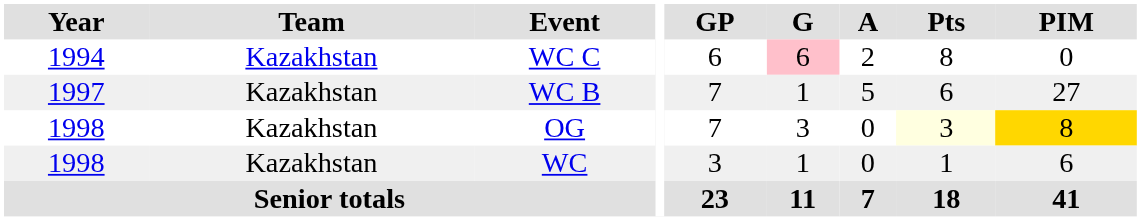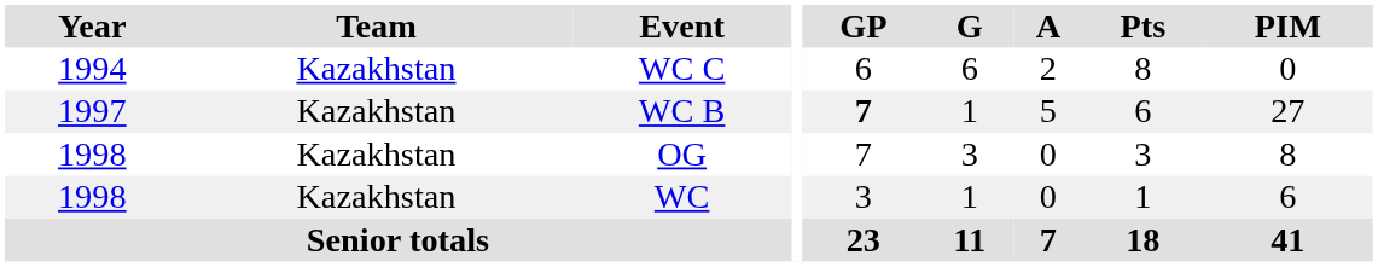 <table border="0" cellpadding="1" cellspacing="0" style="text-align:center; width:40em">
 <tr bgcolor="#e0e0e0">
 <th>Year</th>
 <th>Team</th>
 <th>Event</th>
 <th rowspan="99" bgcolor="#ffffff"></th>
 <th>GP</th>
 <th>G</th>
 <th>A</th>
 <th>Pts</th>
 <th>PIM</th>
 </tr>
 <tr>
 <td><a href='#'>1994</a></td>
 <td><a href='#'>Kazakhstan</a></td>
 <td><a href='#'>WC C</a></td>
 <td>6</td>
-<td style="background: pink;">6</td>
+<td>6</td>
 <td>2</td>
 <td>8</td>
 <td>0</td>
 </tr>
 <tr bgcolor="#f0f0f0">
 <td><a href='#'>1997</a></td>
 <td>Kazakhstan</td>
 <td><a href='#'>WC B</a></td>
-<td>7</td>
+<td><strong>7</strong></td>
 <td>1</td>
 <td>5</td>
 <td>6</td>
 <td>27</td>
 </tr>
 <tr>
 <td><a href='#'>1998</a></td>
 <td>Kazakhstan</td>
 <td><a href='#'>OG</a></td>
 <td>7</td>
 <td>3</td>
 <td>0</td>
-<td style="background: lightyellow;">3</td>
-<td style="background: gold;">8</td>
+<td>3</td>
+<td>8</td>
 </tr>
 <tr bgcolor="#f0f0f0">
 <td><a href='#'>1998</a></td>
 <td>Kazakhstan</td>
 <td><a href='#'>WC</a></td>
 <td>3</td>
 <td>1</td>
 <td>0</td>
 <td>1</td>
 <td>6</td>
 </tr>
 <tr bgcolor="#e0e0e0">
 <th colspan="3">Senior totals</th>
 <th>23</th>
 <th>11</th>
 <th>7</th>
 <th>18</th>
 <th>41</th>
 </tr>
 </table>
